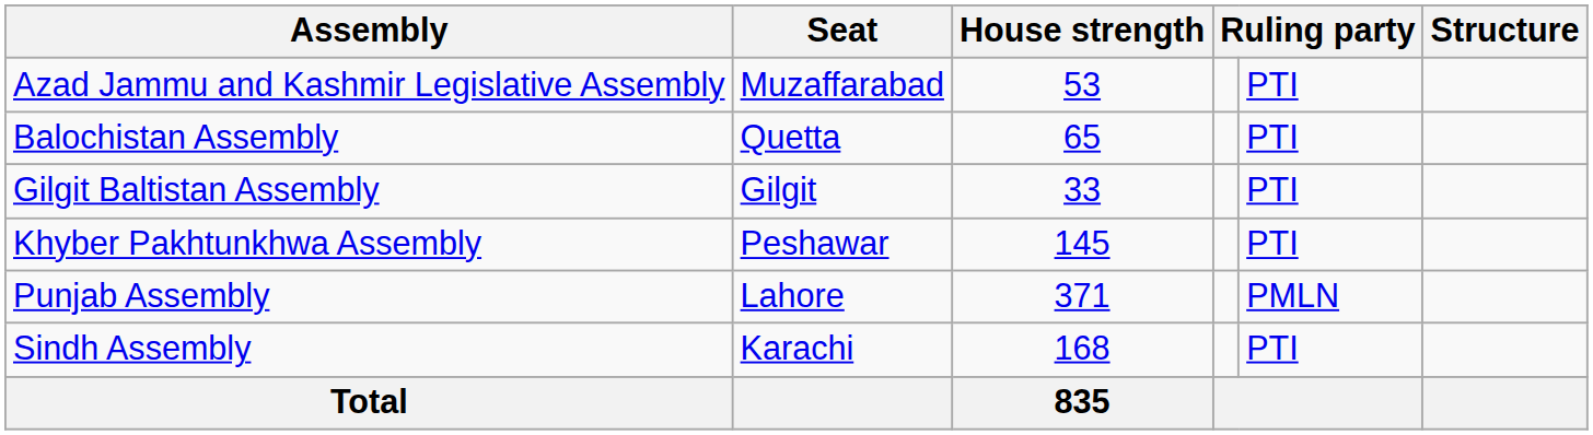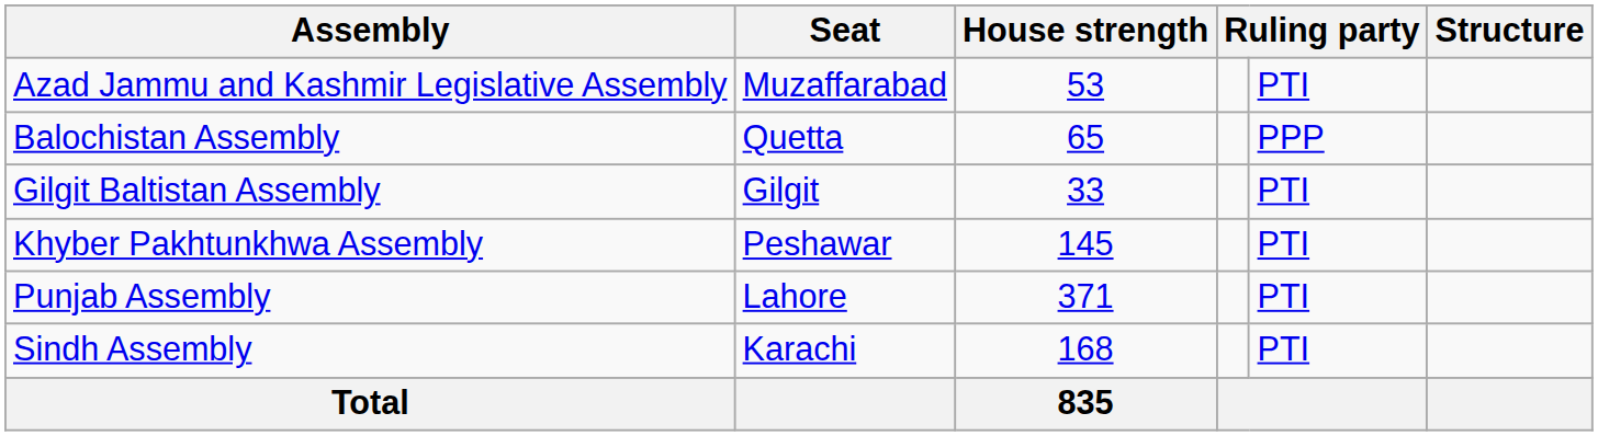 <table class="wikitable sortable">
 <tr>
 <th>Assembly</th>
 <th>Seat</th>
 <th>House strength</th>
 <th colspan="2">Ruling party</th>
 <th>Structure</th>
 </tr>
 <tr>
 <td><a href='#'>Azad Jammu and Kashmir Legislative Assembly</a></td>
 <td><a href='#'>Muzaffarabad</a></td>
 <td align="center"><a href='#'>53</a></td>
 <td style="background-color: "></td>
 <td><a href='#'>PTI</a></td>
 <td></td>
 </tr>
 <tr>
 <td><a href='#'>Balochistan Assembly</a></td>
 <td><a href='#'>Quetta</a></td>
 <td align="center"><a href='#'>65</a></td>
 <td style="background-color: "></td>
-<td><a href='#'>PTI</a></td>
+<td><a href='#'>PPP</a></td>
 <td></td>
 </tr>
 <tr>
 <td><a href='#'>Gilgit Baltistan Assembly</a></td>
 <td><a href='#'>Gilgit</a></td>
 <td align="center"><a href='#'>33</a></td>
 <td style="background-color: "></td>
 <td><a href='#'>PTI</a></td>
 <td></td>
 </tr>
 <tr>
 <td><a href='#'>Khyber Pakhtunkhwa Assembly</a></td>
 <td><a href='#'>Peshawar</a></td>
 <td align="center"><a href='#'>145</a></td>
 <td style="background-color: "></td>
 <td><a href='#'>PTI</a></td>
 <td></td>
 </tr>
 <tr>
 <td><a href='#'>Punjab Assembly</a></td>
 <td><a href='#'>Lahore</a></td>
 <td align="center"><a href='#'>371</a></td>
 <td style="background-color: "></td>
-<td><a href='#'>PMLN</a></td>
+<td><a href='#'>PTI</a></td>
 <td></td>
 </tr>
 <tr>
 <td><a href='#'>Sindh Assembly</a></td>
 <td><a href='#'>Karachi</a></td>
 <td align="center"><a href='#'>168</a></td>
 <td style="background-color: "></td>
 <td><a href='#'>PTI</a></td>
 <td></td>
 </tr>
 <tr>
 <th>Total</th>
 <th></th>
 <th>835</th>
 <th colspan="2" style="text-align:center;"></th>
 <th></th>
 </tr>
 </table>
